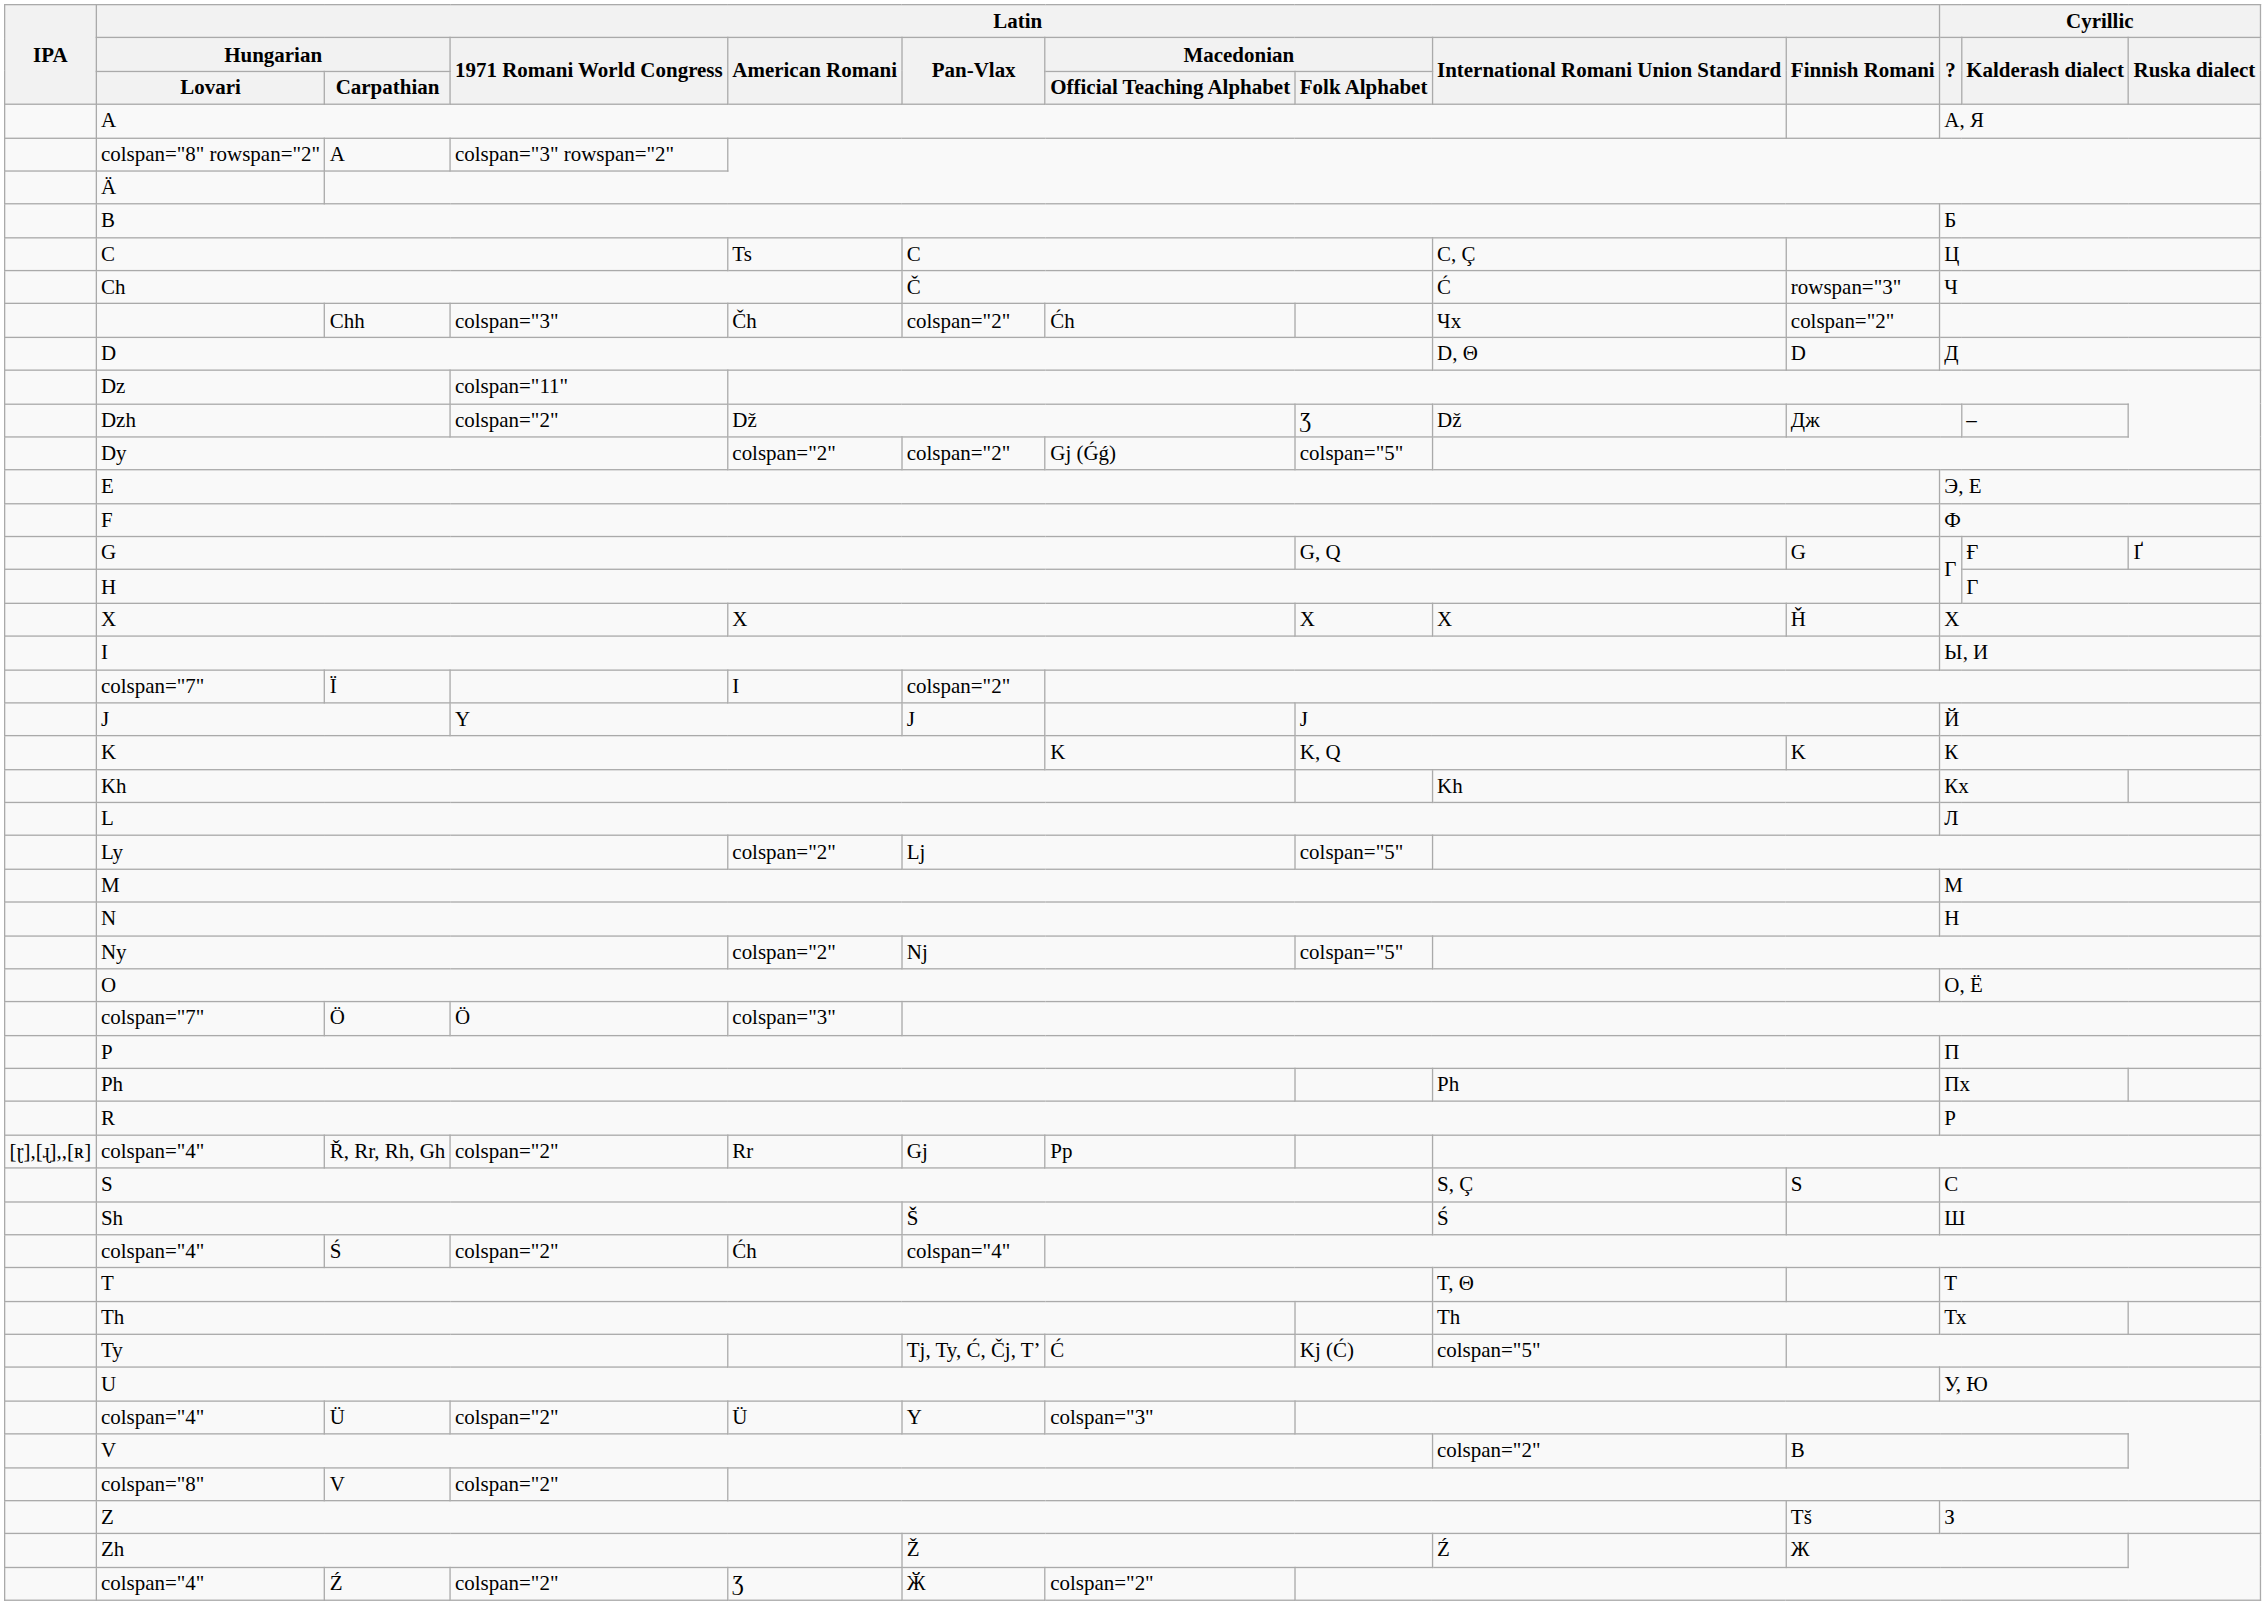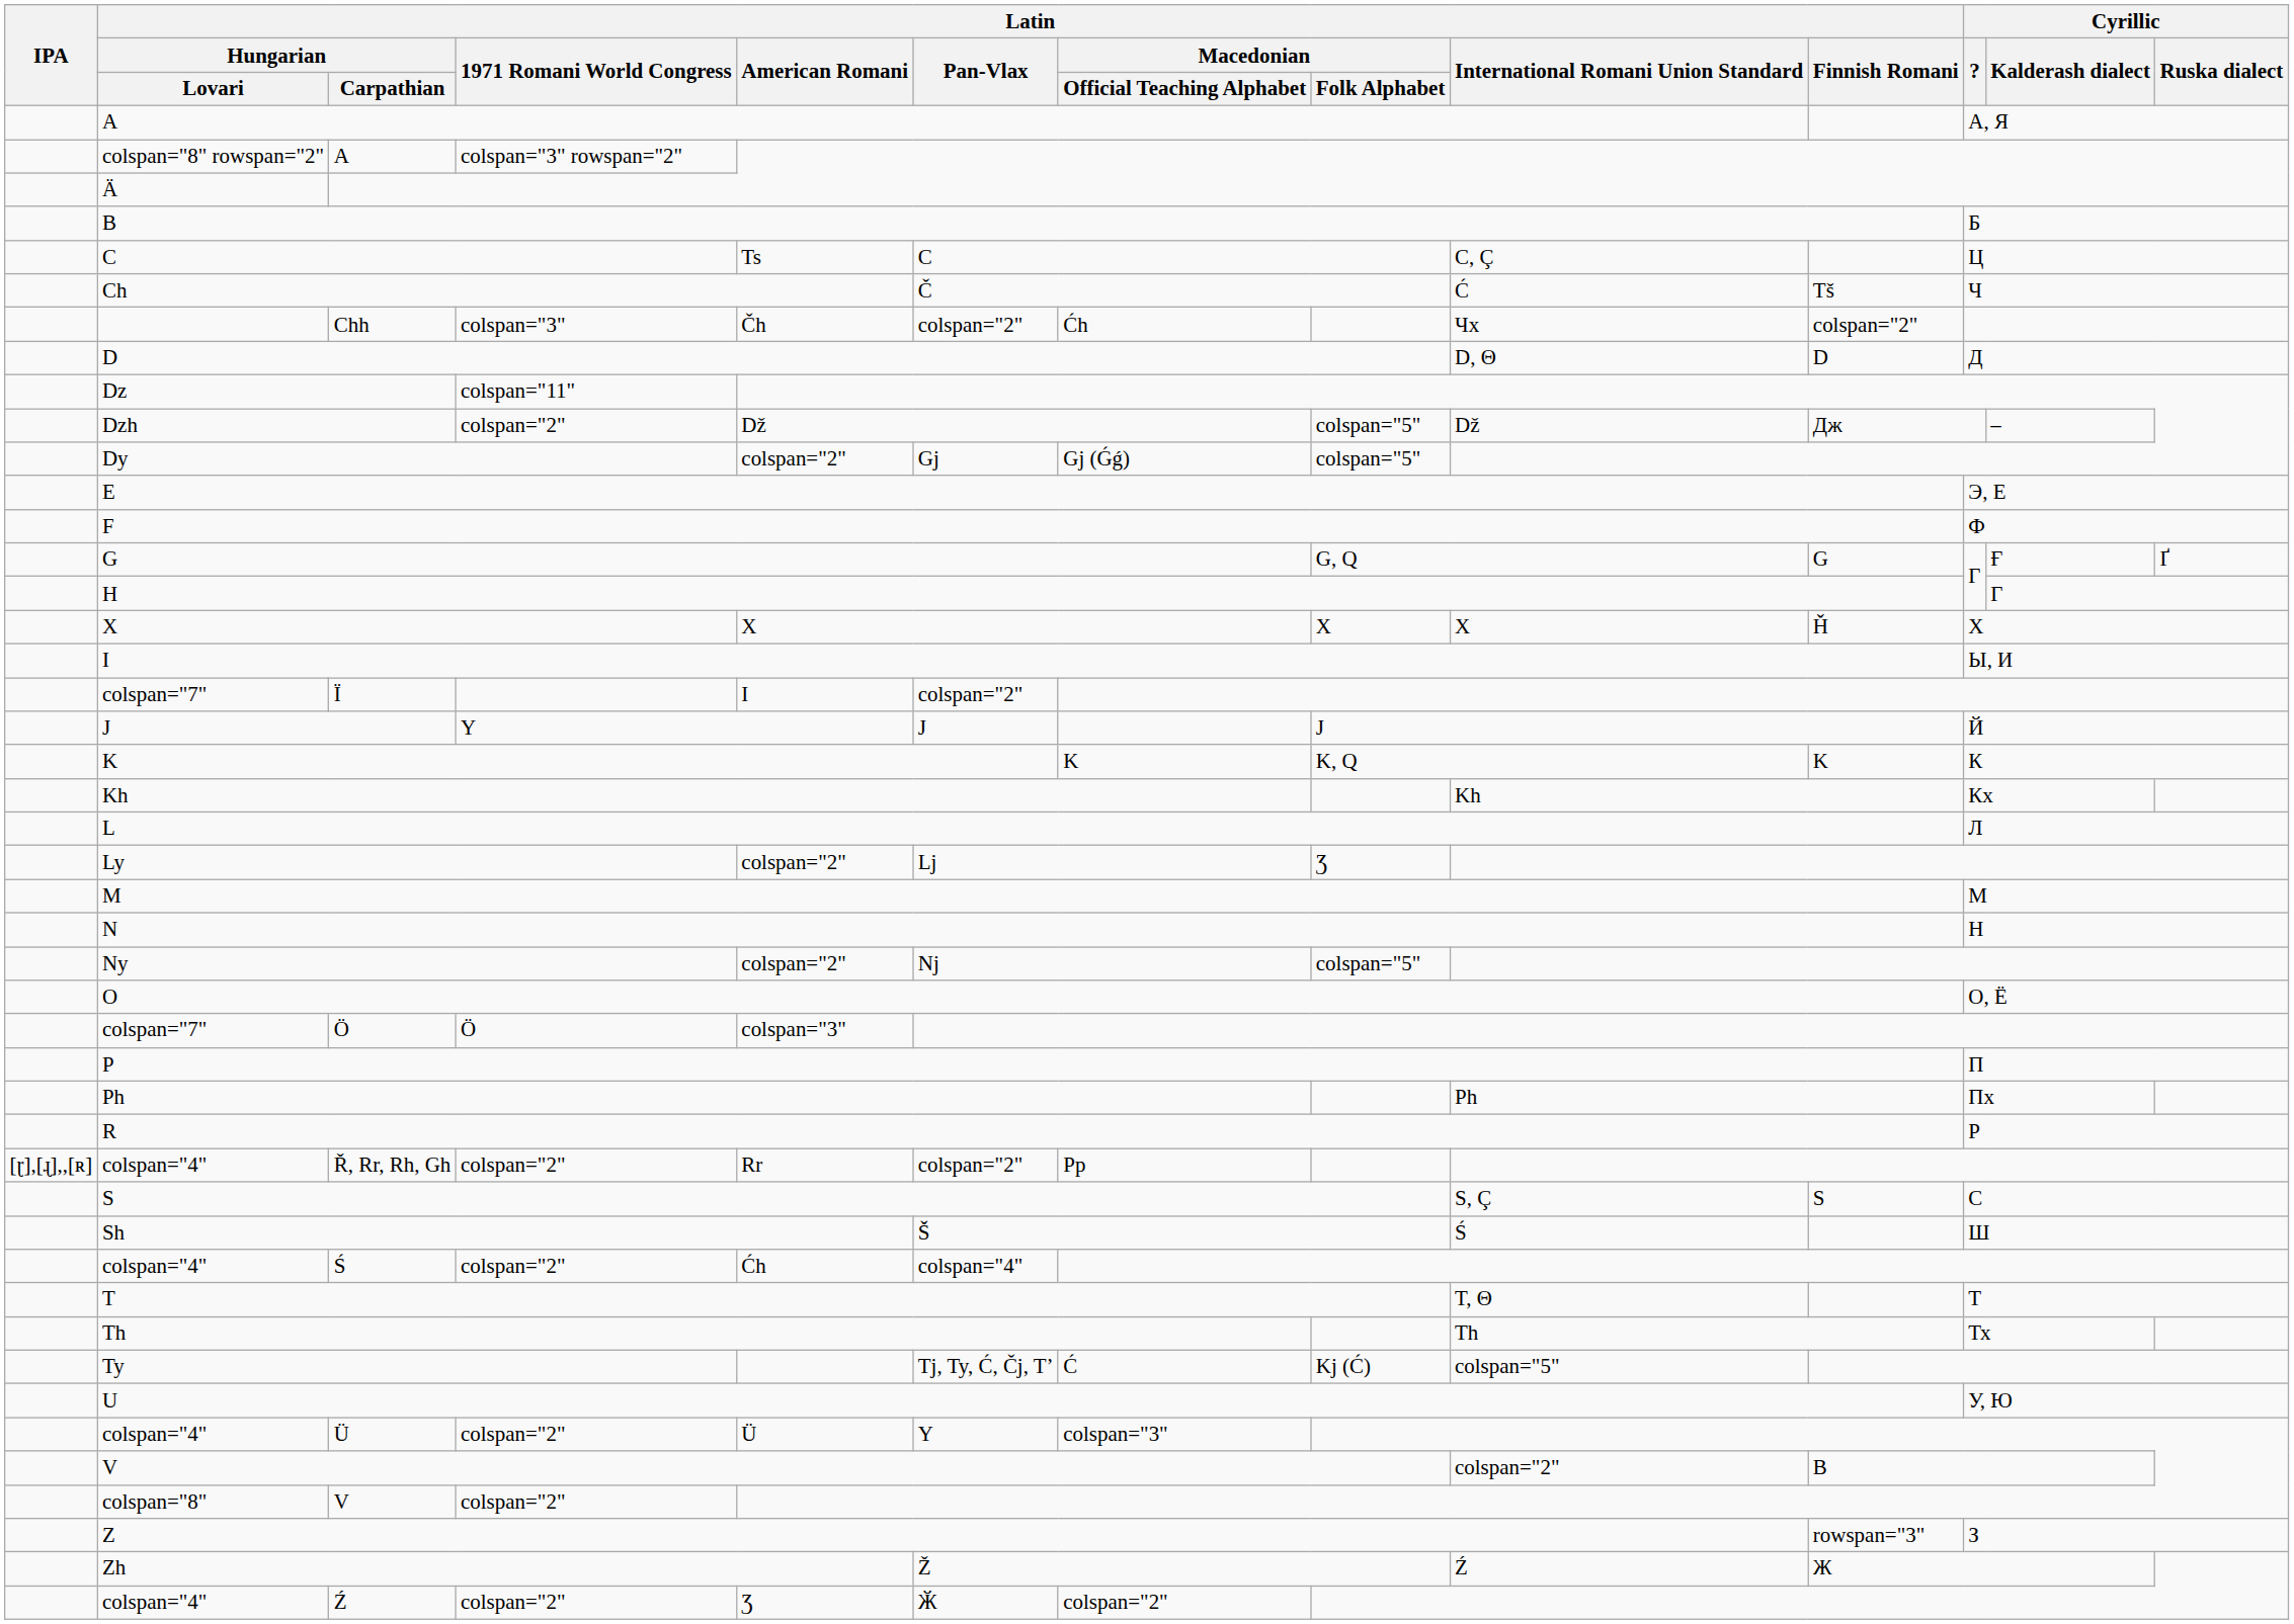 <table class="wikitable defaultcenter">
 <tr>
 <th rowspan="3">IPA</th>
 <th colspan="9">Latin</th>
 <th colspan="3">Cyrillic</th>
 </tr>
 <tr>
 <th colspan="2">Hungarian</th>
 <th rowspan="2">1971 Romani World Congress</th>
 <th rowspan="2">American Romani</th>
 <th rowspan="2">Pan-Vlax</th>
 <th colspan="2">Macedonian</th>
 <th rowspan="2">International Romani Union Standard</th>
 <th rowspan="2">Finnish Romani</th>
 <th rowspan="2">?</th>
 <th rowspan="2">Kalderash dialect</th>
 <th rowspan="2">Ruska dialect</th>
 </tr>
 <tr>
 <th>Lovari</th>
 <th>Carpathian</th>
 <th>Official Teaching Alphabet</th>
 <th>Folk Alphabet </th>
 </tr>
 <tr>
 <td></td>
 <td colspan="8">A</td>
 <td></td>
 <td colspan="3">А, Я </td>
 </tr>
 <tr>
 <td></td>
 <td>colspan="8" rowspan="2" </td>
 <td>A</td>
 <td>colspan="3" rowspan="2" </td>
 </tr>
 <tr>
 <td></td>
 <td>Ä</td>
 </tr>
 <tr>
 <td></td>
 <td colspan="9">B</td>
 <td colspan="3">Б</td>
 </tr>
 <tr>
 <td></td>
 <td colspan="3">C</td>
 <td>Ts</td>
 <td colspan="3">C</td>
 <td>C, Ç</td>
 <td></td>
 <td colspan="3">Ц</td>
 </tr>
 <tr>
 <td></td>
 <td colspan="4">Ch</td>
 <td colspan="3">Č</td>
 <td>Ć</td>
-<td>rowspan="3" </td>
+<td>Tš</td>
 <td colspan="3">Ч</td>
 </tr>
 <tr>
 <td></td>
 <td></td>
 <td>Chh</td>
 <td>colspan="3" </td>
 <td>Čh</td>
 <td>colspan="2" </td>
 <td>Ćh</td>
 <td></td>
 <td>Чх</td>
 <td>colspan="2" </td>
 </tr>
 <tr>
 <td></td>
 <td colspan="7">D</td>
 <td>D, Θ</td>
 <td>D</td>
 <td colspan="3">Д</td>
 </tr>
 <tr>
 <td></td>
 <td colspan="2">Dz</td>
 <td>colspan="11" </td>
 </tr>
 <tr>
 <td></td>
 <td colspan="2">Dzh</td>
 <td>colspan="2" </td>
 <td colspan="3">Dž</td>
-<td>Ʒ</td>
+<td>colspan="5" </td>
 <td>Dž</td>
 <td colspan="2">Дж</td>
 <td>–</td>
 </tr>
 <tr>
 <td></td>
 <td colspan="3">Dy</td>
 <td>colspan="2" </td>
-<td>colspan="2" </td>
+<td>Gj</td>
 <td>Gj (Ǵǵ)</td>
 <td>colspan="5" </td>
 </tr>
 <tr>
 <td></td>
 <td colspan="9">E</td>
 <td colspan="3">Э, Е </td>
 </tr>
 <tr>
 <td></td>
 <td colspan="9">F</td>
 <td colspan="3">Ф</td>
 </tr>
 <tr>
 <td></td>
 <td colspan="6">G</td>
 <td colspan="2">G, Q</td>
 <td>G</td>
 <td rowspan="2">Г</td>
 <td>Ғ</td>
 <td>Ґ</td>
 </tr>
 <tr>
 <td></td>
 <td colspan="9">H</td>
 <td colspan="2">Г</td>
 </tr>
 <tr>
 <td></td>
 <td colspan="3">X</td>
 <td colspan="3">X</td>
 <td>X</td>
 <td>X</td>
 <td>Ȟ</td>
 <td colspan="3">Х</td>
 </tr>
 <tr>
 <td></td>
 <td colspan="9">I</td>
 <td colspan="3">Ы, И </td>
 </tr>
 <tr>
 <td></td>
 <td>colspan="7" </td>
 <td>Ï</td>
 <td></td>
 <td>І</td>
 <td>colspan="2" </td>
 </tr>
 <tr>
 <td></td>
 <td colspan="2">J</td>
 <td colspan="2">Y</td>
 <td>J</td>
 <td></td>
 <td colspan="3">J</td>
 <td colspan="3">Й</td>
 </tr>
 <tr>
 <td></td>
 <td colspan="5">K</td>
 <td>K</td>
 <td colspan="2">K, Q</td>
 <td>K</td>
 <td colspan="3">К</td>
 </tr>
 <tr>
 <td></td>
 <td colspan="6">Kh</td>
 <td></td>
 <td colspan="2">Kh</td>
 <td colspan="2">Кх</td>
 <td></td>
 </tr>
 <tr>
 <td></td>
 <td colspan="9">L</td>
 <td colspan="3">Л</td>
 </tr>
 <tr>
 <td></td>
 <td colspan="3">Ly</td>
 <td>colspan="2" </td>
 <td colspan="2">Lj</td>
-<td>colspan="5" </td>
+<td>Ʒ</td>
 </tr>
 <tr>
 <td></td>
 <td colspan="9">M</td>
 <td colspan="3">М</td>
 </tr>
 <tr>
 <td></td>
 <td colspan="9">N</td>
 <td colspan="3">Н</td>
 </tr>
 <tr>
 <td></td>
 <td colspan="3">Ny</td>
 <td>colspan="2" </td>
 <td colspan="2">Nj</td>
 <td>colspan="5" </td>
 </tr>
 <tr>
 <td></td>
 <td colspan="9">O</td>
 <td colspan="3">О, Ё </td>
 </tr>
 <tr>
 <td></td>
 <td>colspan="7" </td>
 <td>Ö</td>
 <td>Ö</td>
 <td>colspan="3" </td>
 </tr>
 <tr>
 <td></td>
 <td colspan="9">P</td>
 <td colspan="3">П</td>
 </tr>
 <tr>
 <td></td>
 <td colspan="6">Ph</td>
 <td></td>
 <td colspan="2">Ph</td>
 <td colspan="2">Пх</td>
 <td></td>
 </tr>
 <tr>
 <td></td>
 <td colspan="9">R</td>
 <td colspan="3">Р</td>
 </tr>
 <tr>
 <td>[ɽ],[ɻ],,[ʀ]</td>
 <td>colspan="4" </td>
 <td>Ř, Rr, Rh, Gh</td>
 <td>colspan="2" </td>
 <td>Rr</td>
-<td>Gj</td>
+<td>colspan="2" </td>
 <td>Рр</td>
 <td></td>
 </tr>
 <tr>
 <td></td>
 <td colspan="7">S</td>
 <td>S, Ç</td>
 <td>S</td>
 <td colspan="3">С</td>
 </tr>
 <tr>
 <td></td>
 <td colspan="4">Sh</td>
 <td colspan="3">Š</td>
 <td>Ś</td>
 <td></td>
 <td colspan="3">Ш</td>
 </tr>
 <tr>
 <td></td>
 <td>colspan="4" </td>
 <td>Ś</td>
 <td>colspan="2" </td>
 <td>Ćh</td>
 <td>colspan="4" </td>
 </tr>
 <tr>
 <td></td>
 <td colspan="7">T</td>
 <td>T, Θ</td>
 <td></td>
 <td colspan="3">Т</td>
 </tr>
 <tr>
 <td></td>
 <td colspan="6">Th</td>
 <td></td>
 <td colspan="2">Th</td>
 <td colspan="2">Тх</td>
 <td></td>
 </tr>
 <tr>
 <td></td>
 <td colspan="3">Ty</td>
 <td></td>
 <td>Tj, Ty, Ć, Čj, T’</td>
 <td>Ć</td>
 <td>Kj (Ć)</td>
 <td>colspan="5" </td>
 </tr>
 <tr>
 <td></td>
 <td colspan="9">U</td>
 <td colspan="3">У, Ю </td>
 </tr>
 <tr>
 <td></td>
 <td>colspan="4" </td>
 <td>Ü</td>
 <td>colspan="2" </td>
 <td>Ü</td>
 <td>Y</td>
 <td>colspan="3" </td>
 </tr>
 <tr>
 <td></td>
 <td colspan="7">V</td>
 <td>colspan="2" </td>
 <td colspan="3">В</td>
 </tr>
 <tr>
 <td></td>
 <td>colspan="8" </td>
 <td>V</td>
 <td>colspan="2" </td>
 </tr>
 <tr>
 <td></td>
 <td colspan="8">Z</td>
-<td>Tš</td>
+<td>rowspan="3" </td>
 <td colspan="3">З</td>
 </tr>
 <tr>
 <td></td>
 <td colspan="4">Zh</td>
 <td colspan="3">Ž</td>
 <td>Ź</td>
 <td colspan="3">Ж</td>
 </tr>
 <tr>
 <td></td>
 <td>colspan="4" </td>
 <td>Ź</td>
 <td>colspan="2" </td>
 <td>Ʒ</td>
 <td>Ӂ</td>
 <td>colspan="2" </td>
 </tr>
 </table>
